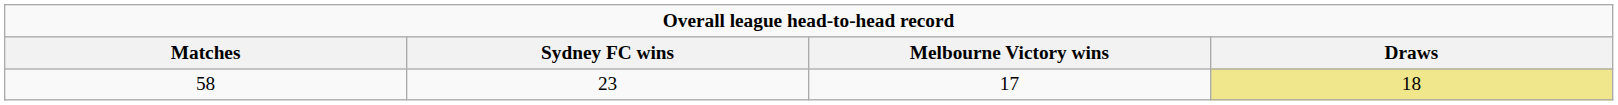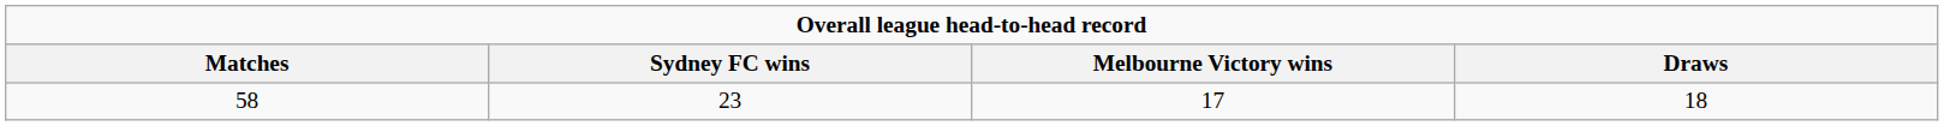 <table class="wikitable" style="font-size:90%; width:95%; text-align:center">
 <tr>
 <td colspan="4"><strong>Overall league head-to-head record</strong></td>
 </tr>
 <tr>
 <th width="25%">Matches</th>
 <th width="25%">Sydney FC wins</th>
 <th width="25%">Melbourne Victory wins</th>
 <th width="25%">Draws</th>
 </tr>
 <tr>
 <td>58</td>
 <td>23</td>
 <td>17</td>
-<td style="background: khaki;">18</td>
+<td>18</td>
 </tr>
 </table>
